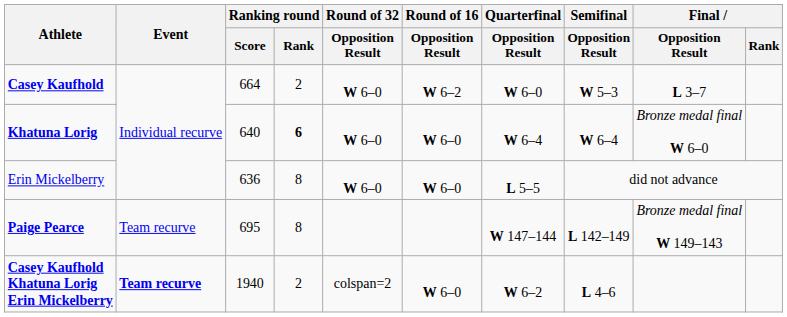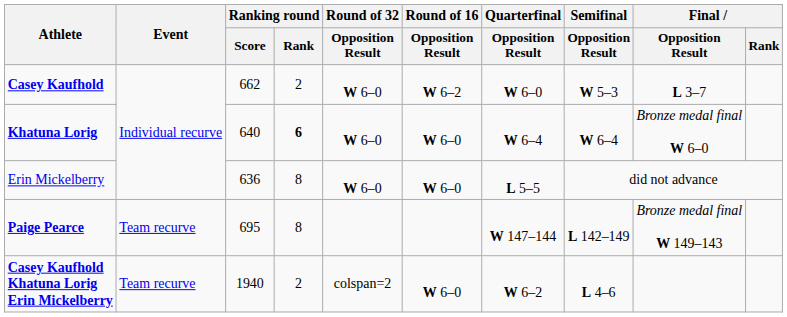 <table class=wikitable style=font-size:90%;text-align:center>
 <tr>
 <th rowspan=2>Athlete</th>
 <th rowspan=2>Event</th>
 <th colspan=2>Ranking round</th>
 <th>Round of 32</th>
 <th>Round of 16</th>
 <th>Quarterfinal</th>
 <th>Semifinal</th>
 <th colspan=2>Final / </th>
 </tr>
 <tr style=font-size:95%>
 <th>Score</th>
 <th>Rank</th>
 <th>Opposition<br>Result</th>
 <th>Opposition<br>Result</th>
 <th>Opposition<br>Result</th>
 <th>Opposition<br>Result</th>
 <th>Opposition<br>Result</th>
 <th>Rank</th>
 </tr>
 <tr>
 <td align=left><strong><a href='#'>Casey Kaufhold</a></strong></td>
 <td align=left rowspan=3><a href='#'>Individual recurve</a></td>
-<td>664</td>
+<td>662</td>
 <td>2</td>
 <td><br><strong>W</strong> 6–0</td>
 <td><br><strong>W</strong> 6–2</td>
 <td><br><strong>W</strong> 6–0</td>
 <td><br><strong>W</strong> 5–3</td>
 <td><br><strong>L</strong> 3–7</td>
 <td></td>
 </tr>
 <tr>
 <td align=left><strong><a href='#'>Khatuna Lorig</a></strong></td>
 <td>640</td>
 <td><strong>6</strong></td>
 <td><br><strong>W</strong> 6–0</td>
 <td><br><strong>W</strong> 6–0</td>
 <td><br><strong>W</strong> 6–4</td>
 <td><br><strong>W</strong> 6–4</td>
 <td><em>Bronze medal final</em><br><br><strong>W</strong> 6–0</td>
 <td></td>
 </tr>
 <tr>
 <td align=left><a href='#'>Erin Mickelberry</a></td>
 <td>636</td>
 <td>8</td>
 <td><br><strong>W</strong> 6–0</td>
 <td><br><strong>W</strong> 6–0</td>
 <td><br><strong>L</strong> 5–5</td>
 <td colspan=4>did not advance</td>
 </tr>
 <tr>
 <td align=left><strong><a href='#'>Paige Pearce</a></strong></td>
 <td align=left><a href='#'>Team recurve</a></td>
 <td>695</td>
 <td>8</td>
 <td></td>
 <td></td>
 <td><br><strong>W</strong> 147–144</td>
 <td><br><strong>L</strong> 142–149</td>
 <td><em>Bronze medal final</em><br><br><strong>W</strong> 149–143</td>
 <td></td>
 </tr>
 <tr>
 <td align=left><strong><a href='#'>Casey Kaufhold</a><br><a href='#'>Khatuna Lorig</a><br><a href='#'>Erin Mickelberry</a></strong></td>
-<td align=left><strong><a href='#'>Team recurve</a></strong></td>
+<td align=left><a href='#'>Team recurve</a></td>
 <td>1940</td>
 <td>2</td>
 <td>colspan=2 </td>
 <td><br><strong>W</strong> 6–0</td>
 <td><br><strong>W</strong> 6–2</td>
 <td><br><strong>L</strong> 4–6</td>
 <td></td>
 </tr>
 </table>
